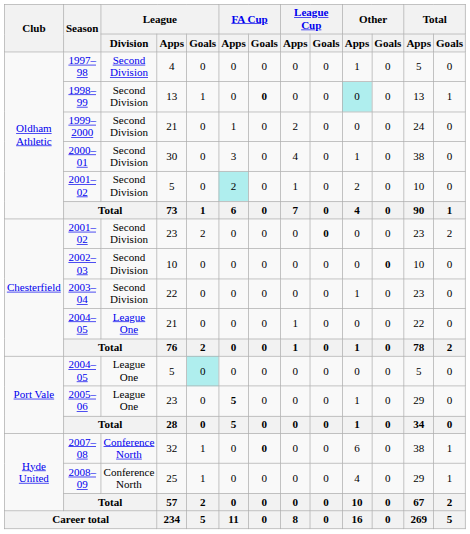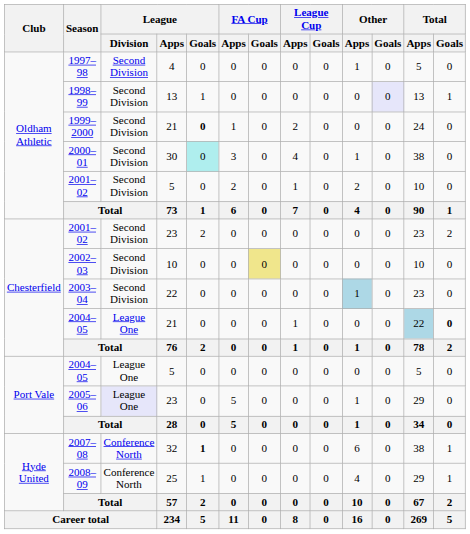 <table class="wikitable" style="text-align:center">
 <tr>
 <th rowspan="2">Club</th>
 <th rowspan="2">Season</th>
 <th colspan="3">League</th>
 <th colspan="2"><a href='#'>FA Cup</a></th>
 <th colspan="2"><a href='#'>League Cup</a></th>
 <th colspan="2">Other</th>
 <th colspan="2">Total</th>
 </tr>
 <tr>
 <th>Division</th>
 <th>Apps</th>
 <th>Goals</th>
 <th>Apps</th>
 <th>Goals</th>
 <th>Apps</th>
 <th>Goals</th>
 <th>Apps</th>
 <th>Goals</th>
 <th>Apps</th>
 <th>Goals</th>
 </tr>
 <tr>
 <td rowspan="6"><a href='#'>Oldham Athletic</a></td>
 <td><a href='#'>1997–98</a></td>
 <td><a href='#'>Second Division</a></td>
 <td>4</td>
 <td>0</td>
 <td>0</td>
 <td>0</td>
 <td>0</td>
 <td>0</td>
 <td>1</td>
 <td>0</td>
 <td>5</td>
 <td>0</td>
 </tr>
 <tr>
 <td><a href='#'>1998–99</a></td>
 <td>Second Division</td>
 <td>13</td>
 <td>1</td>
 <td>0</td>
-<td><strong>0</strong></td>
 <td>0</td>
 <td>0</td>
-<td style="background: paleturquoise;">0</td>
 <td>0</td>
+<td>0</td>
+<td style="background: lavender;">0</td>
 <td>13</td>
 <td>1</td>
 </tr>
 <tr>
 <td><a href='#'>1999–2000</a></td>
 <td>Second Division</td>
 <td>21</td>
-<td>0</td>
+<td><strong>0</strong></td>
 <td>1</td>
 <td>0</td>
 <td>2</td>
 <td>0</td>
 <td>0</td>
 <td>0</td>
 <td>24</td>
 <td>0</td>
 </tr>
 <tr>
 <td><a href='#'>2000–01</a></td>
 <td>Second Division</td>
 <td>30</td>
-<td>0</td>
+<td style="background: paleturquoise;">0</td>
 <td>3</td>
 <td>0</td>
 <td>4</td>
 <td>0</td>
 <td>1</td>
 <td>0</td>
 <td>38</td>
 <td>0</td>
 </tr>
 <tr>
 <td><a href='#'>2001–02</a></td>
 <td>Second Division</td>
 <td>5</td>
 <td>0</td>
-<td style="background: paleturquoise;">2</td>
+<td>2</td>
 <td>0</td>
 <td>1</td>
 <td>0</td>
 <td>2</td>
 <td>0</td>
 <td>10</td>
 <td>0</td>
 </tr>
 <tr>
 <th colspan="2">Total</th>
 <th>73</th>
 <th>1</th>
 <th>6</th>
 <th>0</th>
 <th>7</th>
 <th>0</th>
 <th>4</th>
 <th>0</th>
 <th>90</th>
 <th>1</th>
 </tr>
 <tr>
 <td rowspan="5"><a href='#'>Chesterfield</a></td>
 <td><a href='#'>2001–02</a></td>
 <td>Second Division</td>
 <td>23</td>
 <td>2</td>
 <td>0</td>
 <td>0</td>
 <td>0</td>
-<td><strong>0</strong></td>
+<td>0</td>
 <td>0</td>
 <td>0</td>
 <td>23</td>
 <td>2</td>
 </tr>
 <tr>
 <td><a href='#'>2002–03</a></td>
 <td>Second Division</td>
 <td>10</td>
 <td>0</td>
 <td>0</td>
+<td style="background: khaki;">0</td>
 <td>0</td>
 <td>0</td>
 <td>0</td>
 <td>0</td>
-<td><strong>0</strong></td>
 <td>10</td>
 <td>0</td>
 </tr>
 <tr>
 <td><a href='#'>2003–04</a></td>
 <td>Second Division</td>
 <td>22</td>
 <td>0</td>
 <td>0</td>
 <td>0</td>
 <td>0</td>
 <td>0</td>
-<td>1</td>
+<td style="background: lightblue;">1</td>
 <td>0</td>
 <td>23</td>
 <td>0</td>
 </tr>
 <tr>
 <td><a href='#'>2004–05</a></td>
 <td><a href='#'>League One</a></td>
 <td>21</td>
 <td>0</td>
 <td>0</td>
 <td>0</td>
 <td>1</td>
 <td>0</td>
 <td>0</td>
 <td>0</td>
-<td>22</td>
-<td>0</td>
+<td style="background: lightblue;">22</td>
+<td><strong>0</strong></td>
 </tr>
 <tr>
 <th colspan="2">Total</th>
 <th>76</th>
 <th>2</th>
 <th>0</th>
 <th>0</th>
 <th>1</th>
 <th>0</th>
 <th>1</th>
 <th>0</th>
 <th>78</th>
 <th>2</th>
 </tr>
 <tr>
 <td rowspan="3"><a href='#'>Port Vale</a></td>
 <td><a href='#'>2004–05</a></td>
 <td>League One</td>
 <td>5</td>
-<td style="background: paleturquoise;">0</td>
+<td>0</td>
 <td>0</td>
 <td>0</td>
 <td>0</td>
 <td>0</td>
 <td>0</td>
 <td>0</td>
 <td>5</td>
 <td>0</td>
 </tr>
 <tr>
 <td><a href='#'>2005–06</a></td>
-<td>League One</td>
+<td style="background: lavender;">League One</td>
 <td>23</td>
 <td>0</td>
-<td><strong>5</strong></td>
+<td>5</td>
 <td>0</td>
 <td>0</td>
 <td>0</td>
 <td>1</td>
 <td>0</td>
 <td>29</td>
 <td>0</td>
 </tr>
 <tr>
 <th colspan="2">Total</th>
 <th>28</th>
 <th>0</th>
 <th>5</th>
 <th>0</th>
 <th>0</th>
 <th>0</th>
 <th>1</th>
 <th>0</th>
 <th>34</th>
 <th>0</th>
 </tr>
 <tr>
 <td rowspan="3"><a href='#'>Hyde United</a></td>
 <td><a href='#'>2007–08</a></td>
 <td><a href='#'>Conference North</a></td>
 <td>32</td>
-<td>1</td>
+<td><strong>1</strong></td>
 <td>0</td>
-<td><strong>0</strong></td>
+<td>0</td>
 <td>0</td>
 <td>0</td>
 <td>6</td>
 <td>0</td>
 <td>38</td>
 <td>1</td>
 </tr>
 <tr>
 <td><a href='#'>2008–09</a></td>
 <td>Conference North</td>
 <td>25</td>
 <td>1</td>
 <td>0</td>
 <td>0</td>
 <td>0</td>
 <td>0</td>
 <td>4</td>
 <td>0</td>
 <td>29</td>
 <td>1</td>
 </tr>
 <tr>
 <th colspan="2">Total</th>
 <th>57</th>
 <th>2</th>
 <th>0</th>
 <th>0</th>
 <th>0</th>
 <th>0</th>
 <th>10</th>
 <th>0</th>
 <th>67</th>
 <th>2</th>
 </tr>
 <tr>
 <th colspan="3">Career total</th>
 <th>234</th>
 <th>5</th>
 <th>11</th>
 <th>0</th>
 <th>8</th>
 <th>0</th>
 <th>16</th>
 <th>0</th>
 <th>269</th>
 <th>5</th>
 </tr>
 </table>
